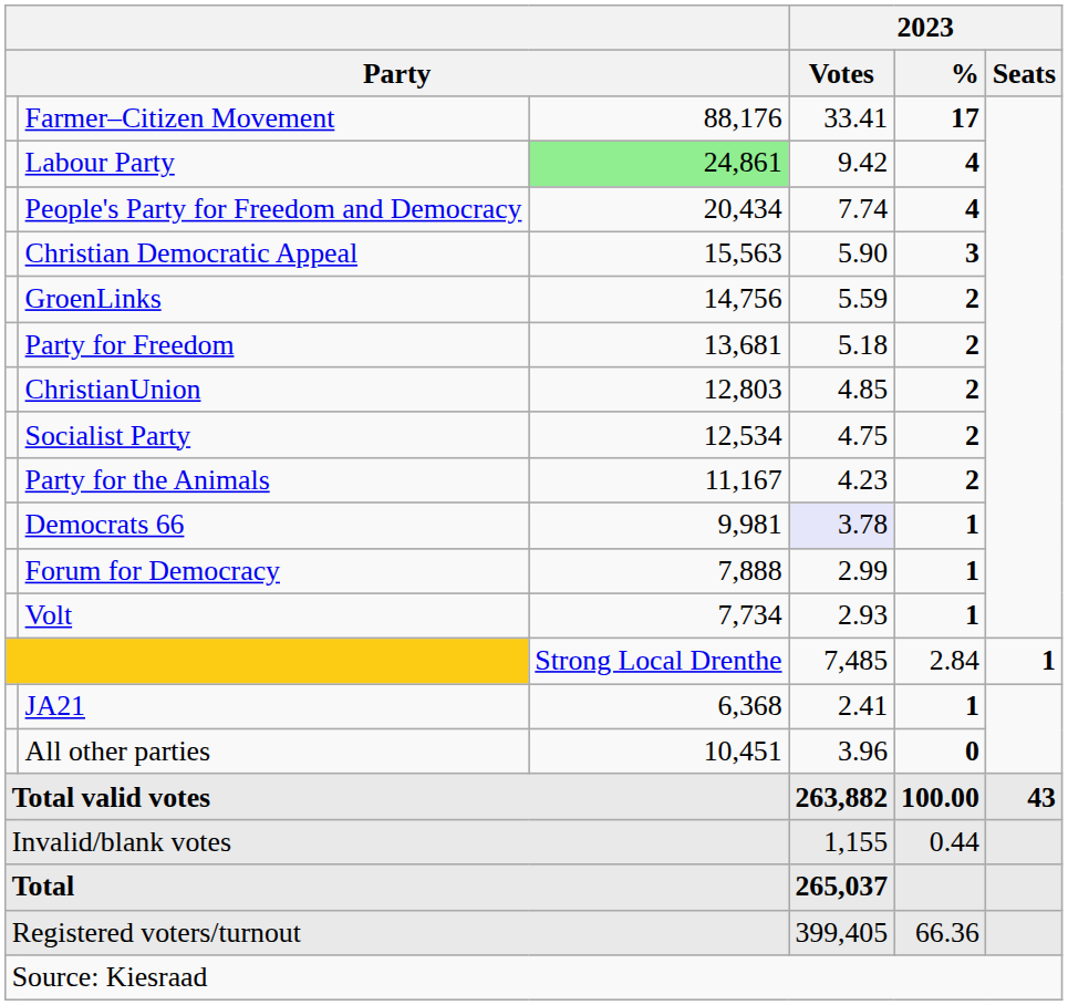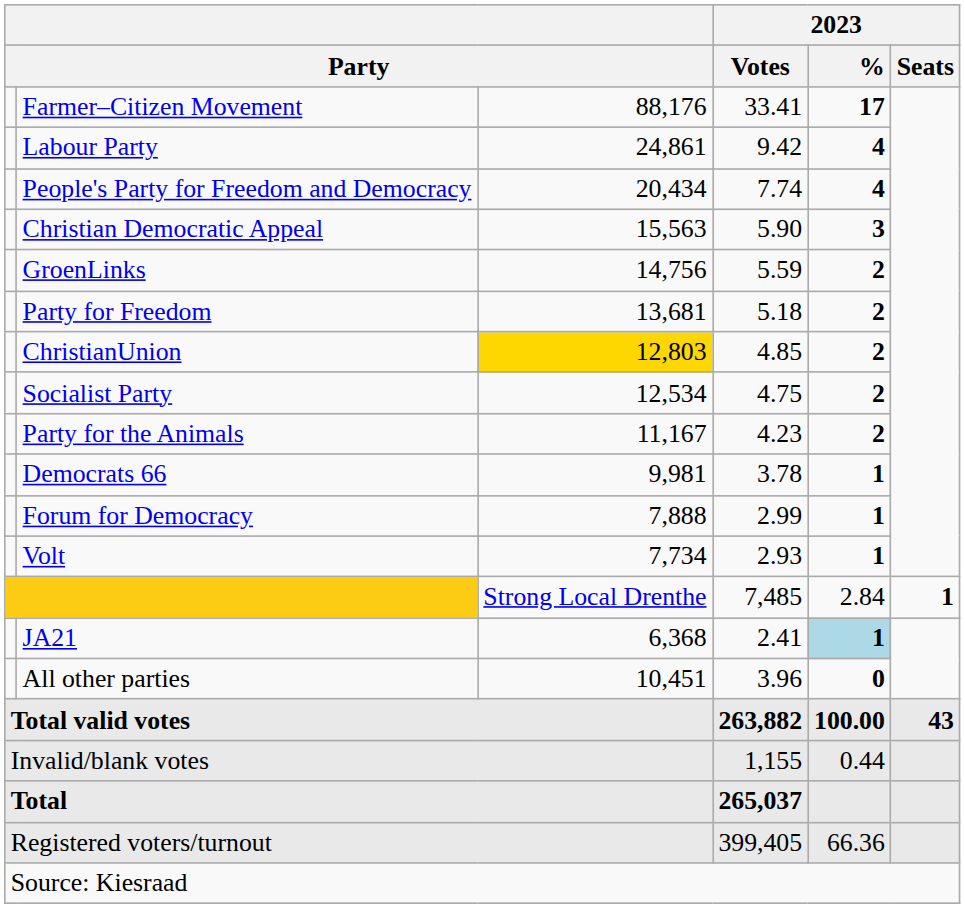 <table Class="wikitable" style=" text-align:right;">
 <tr style="text-align:center;">
 <th colspan="3"></th>
 <th colspan="3">2023</th>
 </tr>
 <tr style="text-align:center;">
 <th colspan="3">Party</th>
 <th>Votes</th>
 <th style="text-align:right;">%</th>
 <th style="text-align:right">Seats</th>
 </tr>
 <tr>
 <td style="background:"></td>
 <td align=left><a href='#'>Farmer–Citizen Movement</a></td>
 <td>88,176</td>
 <td>33.41</td>
 <td><strong>17</strong></td>
 </tr>
 <tr>
 <td style="background:"></td>
 <td align=left><a href='#'>Labour Party</a></td>
-<td style="background: lightgreen;">24,861</td>
+<td>24,861</td>
 <td>9.42</td>
 <td><strong>4</strong></td>
 </tr>
 <tr>
 <td style="background:"></td>
 <td align=left><a href='#'>People's Party for Freedom and Democracy</a></td>
 <td>20,434</td>
 <td>7.74</td>
 <td><strong>4</strong></td>
 </tr>
 <tr>
 <td style="background:"></td>
 <td align=left><a href='#'>Christian Democratic Appeal</a></td>
 <td>15,563</td>
 <td>5.90</td>
 <td><strong>3</strong></td>
 </tr>
 <tr>
 <td style="background:"></td>
 <td align=left><a href='#'>GroenLinks</a></td>
 <td>14,756</td>
 <td>5.59</td>
 <td><strong>2</strong></td>
 </tr>
 <tr>
 <td style="background:"></td>
 <td align=left><a href='#'>Party for Freedom</a></td>
 <td>13,681</td>
 <td>5.18</td>
 <td><strong>2</strong></td>
 </tr>
 <tr>
 <td style="background:"></td>
 <td align=left><a href='#'>ChristianUnion</a></td>
-<td>12,803</td>
+<td style="background: gold;">12,803</td>
 <td>4.85</td>
 <td><strong>2</strong></td>
 </tr>
 <tr>
 <td style="background:"></td>
 <td align=left><a href='#'>Socialist Party</a></td>
 <td>12,534</td>
 <td>4.75</td>
 <td><strong>2</strong></td>
 </tr>
 <tr>
 <td style="background:"></td>
 <td align=left><a href='#'>Party for the Animals</a></td>
 <td>11,167</td>
 <td>4.23</td>
 <td><strong>2</strong></td>
 </tr>
 <tr>
 <td style="background:"></td>
 <td align=left><a href='#'>Democrats 66</a></td>
 <td>9,981</td>
-<td style="background: lavender;">3.78</td>
+<td>3.78</td>
 <td><strong>1</strong></td>
 </tr>
 <tr>
 <td style="background:"></td>
 <td align=left><a href='#'>Forum for Democracy</a></td>
 <td>7,888</td>
 <td>2.99</td>
 <td><strong>1</strong></td>
 </tr>
 <tr>
 <td style="background:"></td>
 <td align=left><a href='#'>Volt</a></td>
 <td>7,734</td>
 <td>2.93</td>
 <td><strong>1</strong></td>
 </tr>
 <tr>
 <td style="background:#FCCC14;" colspan=2 width=2></td>
 <td align=left><a href='#'>Strong Local Drenthe</a></td>
 <td>7,485</td>
 <td>2.84</td>
 <td><strong>1</strong></td>
 </tr>
 <tr>
 <td style="background:"></td>
 <td align=left><a href='#'>JA21</a></td>
 <td>6,368</td>
 <td>2.41</td>
-<td><strong>1</strong></td>
+<td style="background: lightblue;"><strong>1</strong></td>
 </tr>
 <tr>
 <td style="background:"></td>
 <td align=left>All other parties</td>
 <td>10,451</td>
 <td>3.96</td>
 <td><strong>0</strong></td>
 </tr>
 <tr style="background:#e9e9e9;">
 <td style="text-align:left;" colspan="3"><strong>Total valid votes</strong></td>
 <td><strong>263,882</strong></td>
 <td><strong>100.00</strong></td>
 <td><strong>43</strong></td>
 </tr>
 <tr style="background:#e9e9e9;">
 <td style="text-align:left;" colspan="3">Invalid/blank votes</td>
 <td>1,155</td>
 <td>0.44</td>
 <td></td>
 </tr>
 <tr style="background:#e9e9e9;">
 <td style="text-align:left;" colspan="3"><strong>Total</strong></td>
 <td><strong>265,037</strong></td>
 <td></td>
 <td></td>
 </tr>
 <tr style="background:#e9e9e9;">
 <td style="text-align:left;" colspan="3">Registered voters/turnout</td>
 <td>399,405</td>
 <td>66.36</td>
 <td></td>
 </tr>
 <tr>
 <td style="text-align:left;" colspan="12">Source: Kiesraad</td>
 </tr>
 </table>
